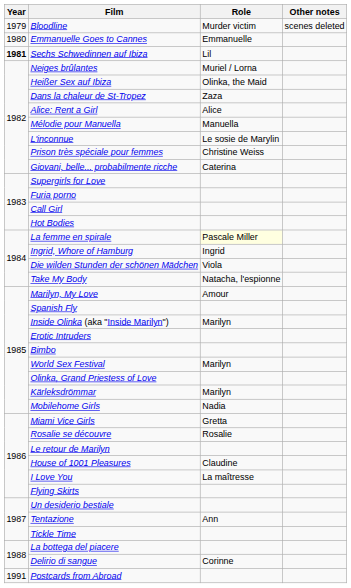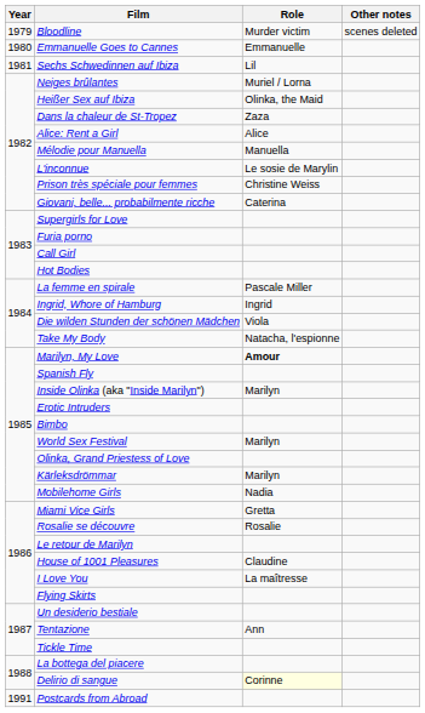 <table class="wikitable" style="font-size: 90%;">
 <tr>
 <th>Year</th>
 <th>Film</th>
 <th>Role</th>
 <th>Other notes</th>
 </tr>
 <tr>
 <td>1979</td>
 <td><em><a href='#'>Bloodline</a></em></td>
 <td>Murder victim</td>
 <td>scenes deleted</td>
 </tr>
 <tr>
 <td>1980</td>
 <td><em><a href='#'>Emmanuelle Goes to Cannes</a></em></td>
 <td>Emmanuelle</td>
 <td></td>
 </tr>
 <tr>
-<td><strong>1981</strong></td>
+<td>1981</td>
 <td><em><a href='#'>Sechs Schwedinnen auf Ibiza</a></em></td>
 <td>Lil</td>
 <td></td>
 </tr>
 <tr>
 <td rowspan="8">1982</td>
 <td><em><a href='#'>Neiges brûlantes</a></em></td>
 <td>Muriel / Lorna</td>
 <td></td>
 </tr>
 <tr>
 <td><em><a href='#'>Heißer Sex auf Ibiza</a></em></td>
 <td>Olinka, the Maid</td>
 <td></td>
 </tr>
 <tr>
 <td><em><a href='#'>Dans la chaleur de St-Tropez</a></em></td>
 <td>Zaza</td>
 <td></td>
 </tr>
 <tr>
 <td><em><a href='#'>Alice: Rent a Girl</a></em></td>
 <td>Alice</td>
 <td></td>
 </tr>
 <tr>
 <td><em><a href='#'>Mélodie pour Manuella</a></em></td>
 <td>Manuella</td>
 <td></td>
 </tr>
 <tr>
 <td><em><a href='#'>L'inconnue</a></em></td>
 <td>Le sosie de Marylin</td>
 <td></td>
 </tr>
 <tr>
 <td><em><a href='#'>Prison très spéciale pour femmes</a></em></td>
 <td>Christine Weiss</td>
 <td></td>
 </tr>
 <tr>
 <td><em><a href='#'>Giovani, belle... probabilmente ricche</a></em></td>
 <td>Caterina</td>
 <td></td>
 </tr>
 <tr>
 <td rowspan="4">1983</td>
 <td><em><a href='#'>Supergirls for Love</a></em></td>
 <td></td>
 <td></td>
 </tr>
 <tr>
 <td><em><a href='#'>Furia porno</a></em></td>
 <td></td>
 <td></td>
 </tr>
 <tr>
 <td><em><a href='#'>Call Girl</a></em></td>
 <td></td>
 <td></td>
 </tr>
 <tr>
 <td><em><a href='#'>Hot Bodies</a></em></td>
 <td></td>
 <td></td>
 </tr>
 <tr>
 <td rowspan="4">1984</td>
 <td><em><a href='#'>La femme en spirale</a></em></td>
-<td style="background: lightyellow;">Pascale Miller</td>
+<td>Pascale Miller</td>
 <td></td>
 </tr>
 <tr>
 <td><em><a href='#'>Ingrid, Whore of Hamburg</a></em></td>
 <td>Ingrid</td>
 <td></td>
 </tr>
 <tr>
 <td><em><a href='#'>Die wilden Stunden der schönen Mädchen</a></em></td>
 <td>Viola</td>
 <td></td>
 </tr>
 <tr>
 <td><em><a href='#'>Take My Body</a></em></td>
 <td>Natacha, l'espionne</td>
 <td></td>
 </tr>
 <tr>
 <td rowspan="9">1985</td>
 <td><em><a href='#'>Marilyn, My Love</a></em></td>
-<td>Amour</td>
+<td><strong>Amour</strong></td>
 <td></td>
 </tr>
 <tr>
 <td><em><a href='#'>Spanish Fly</a></em></td>
 <td></td>
 <td></td>
 </tr>
 <tr>
 <td><em><a href='#'>Inside Olinka</a></em> (aka "<a href='#'>Inside Marilyn</a>")</td>
 <td>Marilyn</td>
 <td></td>
 </tr>
 <tr>
 <td><em><a href='#'>Erotic Intruders</a></em></td>
 <td></td>
 <td></td>
 </tr>
 <tr>
 <td><em><a href='#'>Bimbo</a></em></td>
 <td></td>
 <td></td>
 </tr>
 <tr>
 <td><em><a href='#'>World Sex Festival</a></em></td>
 <td>Marilyn</td>
 <td></td>
 </tr>
 <tr>
 <td><em><a href='#'>Olinka, Grand Priestess of Love</a></em></td>
 <td></td>
 <td></td>
 </tr>
 <tr>
 <td><em><a href='#'>Kärleksdrömmar</a></em></td>
 <td>Marilyn</td>
 <td></td>
 </tr>
 <tr>
 <td><em><a href='#'>Mobilehome Girls</a></em></td>
 <td>Nadia</td>
 <td></td>
 </tr>
 <tr>
 <td rowspan="6">1986</td>
 <td><em><a href='#'>Miami Vice Girls</a></em></td>
 <td>Gretta</td>
 <td></td>
 </tr>
 <tr>
 <td><em><a href='#'>Rosalie se découvre</a></em></td>
 <td>Rosalie</td>
 <td></td>
 </tr>
 <tr>
 <td><em><a href='#'>Le retour de Marilyn</a></em></td>
 <td></td>
 <td></td>
 </tr>
 <tr>
 <td><em><a href='#'>House of 1001 Pleasures</a></em></td>
 <td>Claudine</td>
 <td></td>
 </tr>
 <tr>
 <td><em><a href='#'>I Love You</a></em></td>
 <td>La maîtresse</td>
 <td></td>
 </tr>
 <tr>
 <td><em><a href='#'>Flying Skirts</a></em></td>
 <td></td>
 <td></td>
 </tr>
 <tr>
 <td rowspan="3">1987</td>
 <td><em><a href='#'>Un desiderio bestiale</a></em></td>
 <td></td>
 <td></td>
 </tr>
 <tr>
 <td><em><a href='#'>Tentazione</a></em></td>
 <td>Ann</td>
 <td></td>
 </tr>
 <tr>
 <td><em><a href='#'>Tickle Time</a></em></td>
 <td></td>
 <td></td>
 </tr>
 <tr>
 <td rowspan="2">1988</td>
 <td><em><a href='#'>La bottega del piacere</a></em></td>
 <td></td>
 <td></td>
 </tr>
 <tr>
 <td><em><a href='#'>Delirio di sangue</a></em></td>
-<td>Corinne</td>
+<td style="background: lightyellow;">Corinne</td>
 <td></td>
 </tr>
 <tr>
 <td>1991</td>
 <td><em><a href='#'>Postcards from Abroad</a></em></td>
 <td></td>
 <td></td>
 </tr>
 </table>
